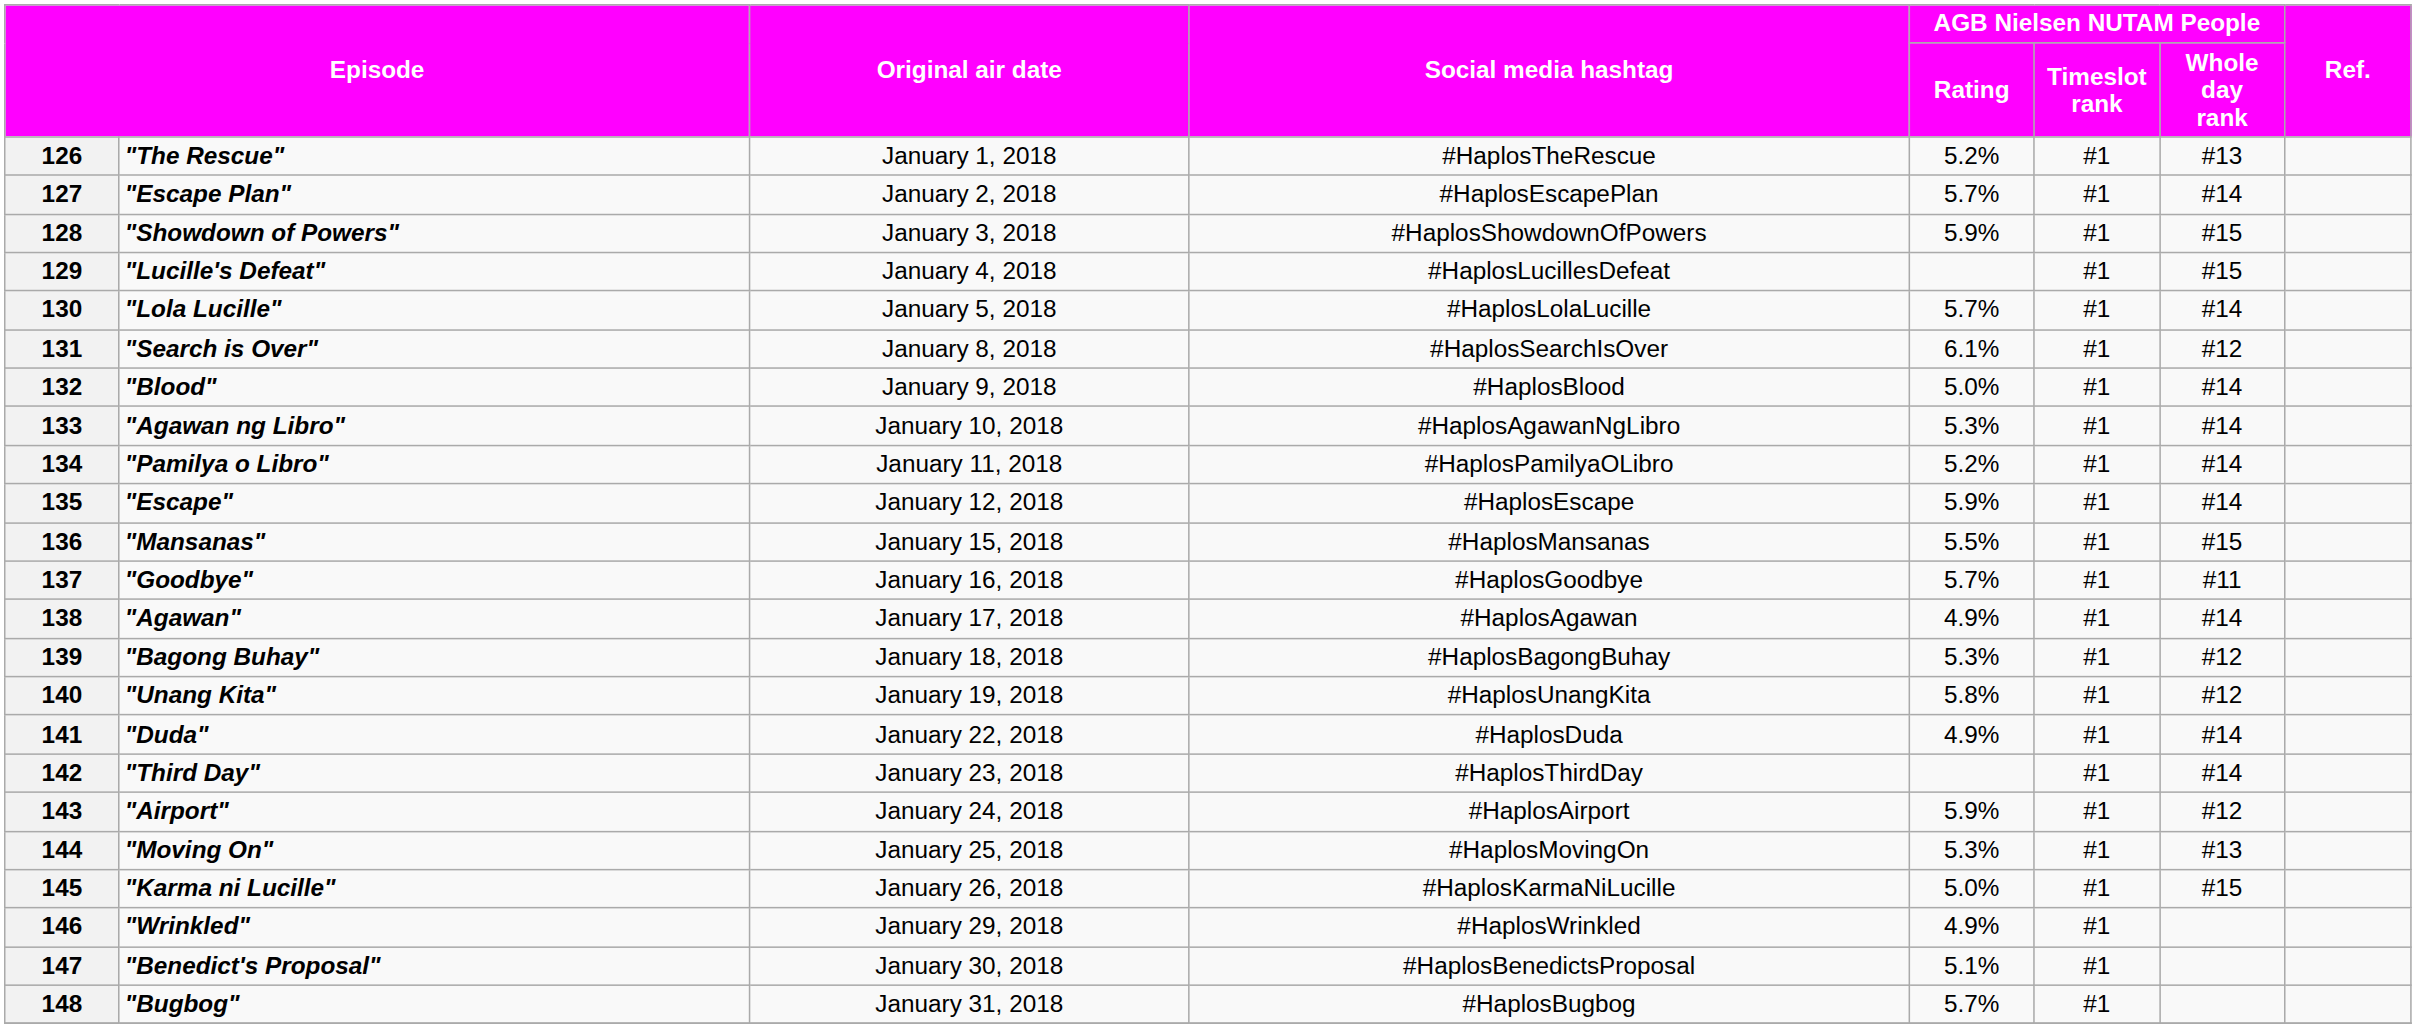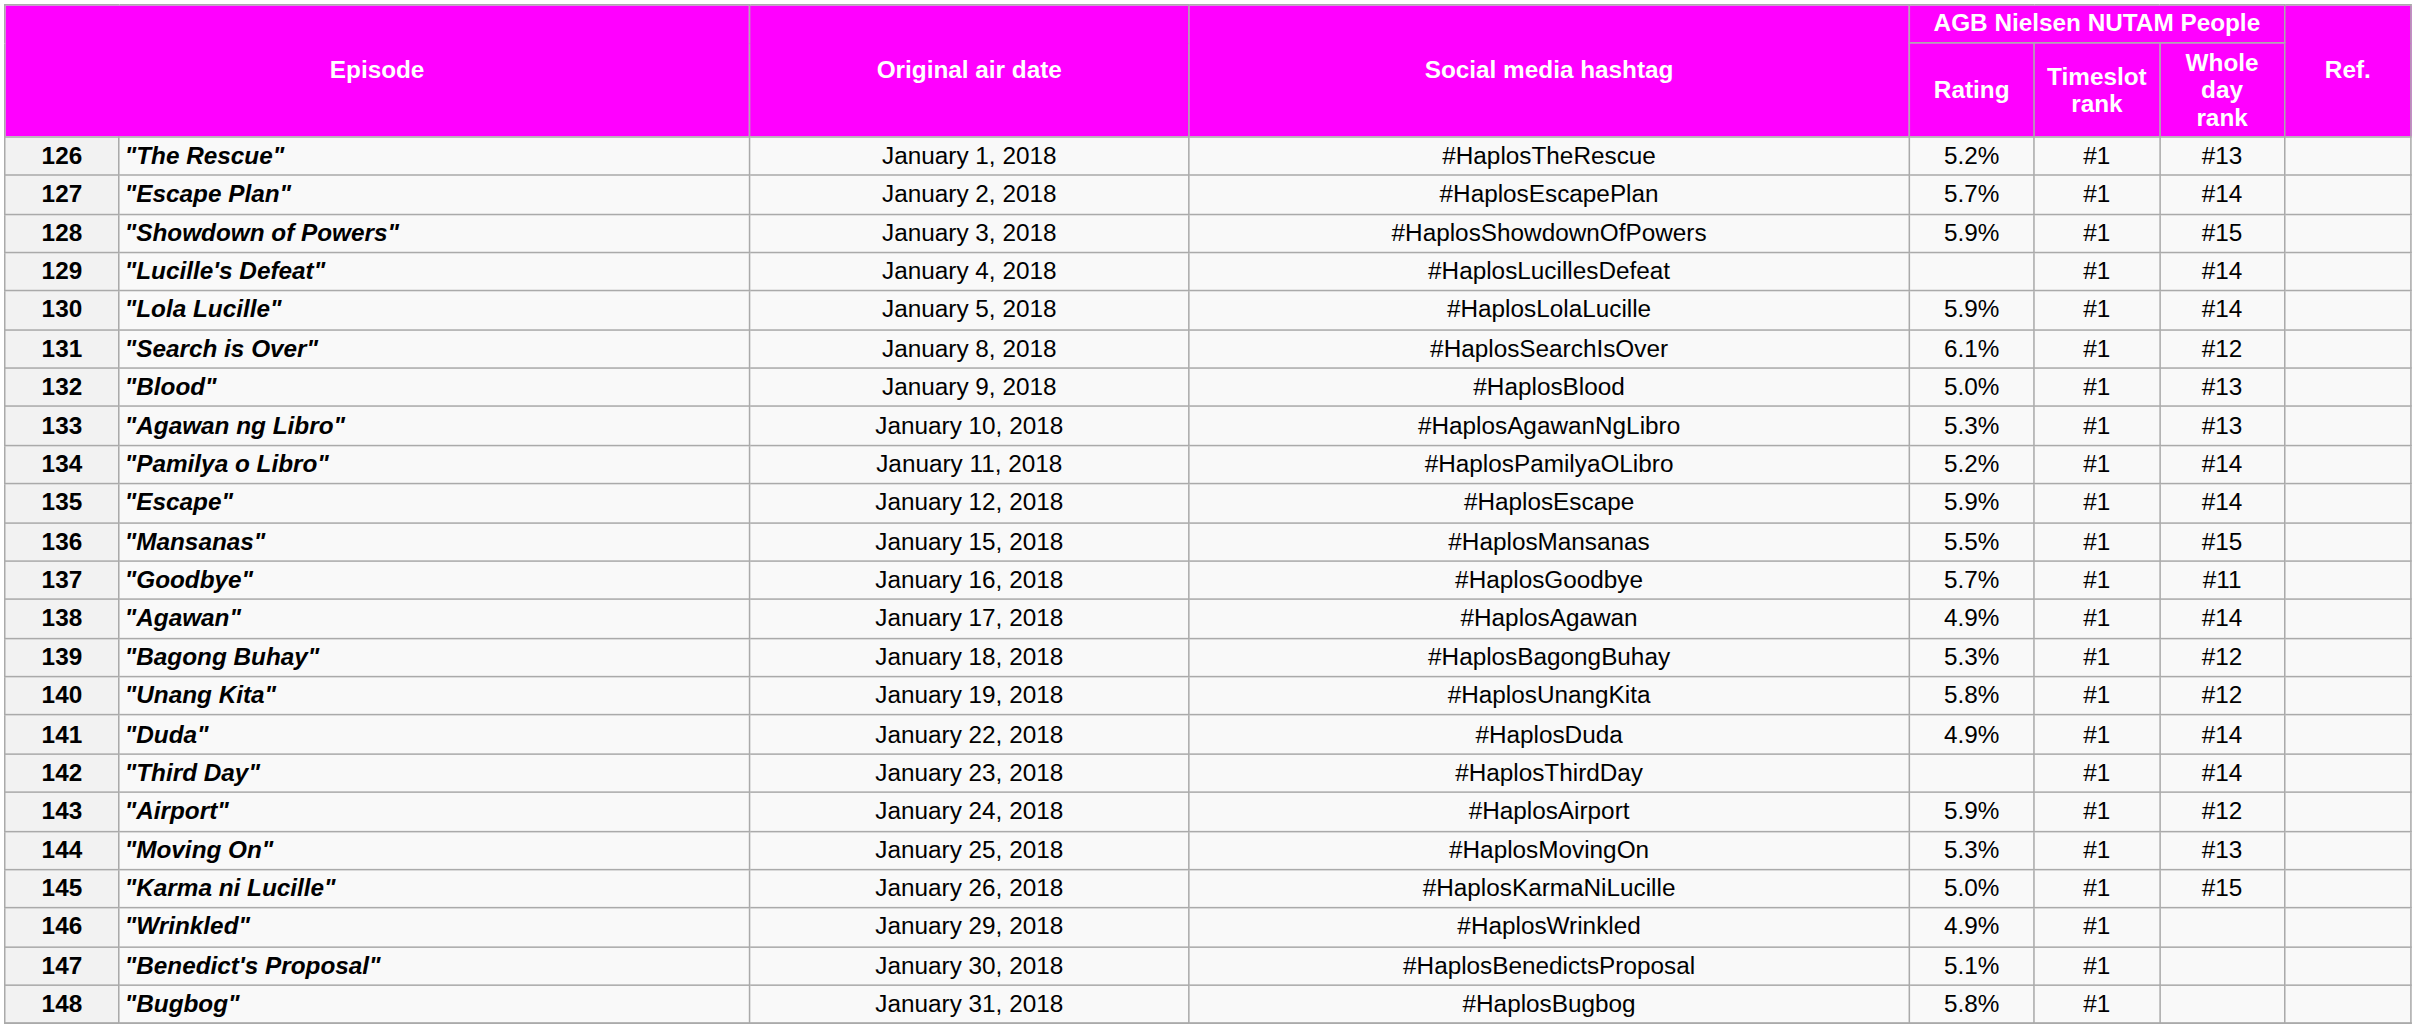 <table class="wikitable" style="text-align:center; font-size:100%; line-height:18px;"  width="100%">
 <tr>
 <th colspan="2" rowspan="2" style="background-color:#FF00FF; color:#ffffff;">Episode</th>
 <th style="background:#FF00FF; color:white" rowspan="2">Original air date</th>
 <th style="background:#FF00FF; color:white" rowspan="2">Social media hashtag</th>
 <th style="background-color:#FF00FF; color:#ffffff;" colspan="3">AGB Nielsen NUTAM People</th>
 <th style="background-color:#FF00FF; color:#ffffff;" rowspan="2">Ref.</th>
 </tr>
 <tr>
 <th style="background-color:#FF00FF; width:75px; color:#ffffff;">Rating</th>
 <th style="background-color:#FF00FF; width:75px; color:#ffffff;">Timeslot<br>rank</th>
 <th style="background-color:#FF00FF; width:75px; color:#ffffff;">Whole day<br>rank</th>
 </tr>
 <tr>
 <th>126</th>
 <td style="text-align: left;"><strong><em>"The Rescue"</em></strong></td>
 <td>January 1, 2018</td>
 <td>#HaplosTheRescue</td>
 <td>5.2%</td>
 <td>#1</td>
 <td>#13</td>
 <td></td>
 </tr>
 <tr>
 <th>127</th>
 <td style="text-align: left;"><strong><em>"Escape Plan"</em></strong></td>
 <td>January 2, 2018</td>
 <td>#HaplosEscapePlan</td>
 <td>5.7%</td>
 <td>#1</td>
 <td>#14</td>
 <td></td>
 </tr>
 <tr>
 <th>128</th>
 <td style="text-align: left;"><strong><em>"Showdown of Powers"</em></strong></td>
 <td>January 3, 2018</td>
 <td>#HaplosShowdownOfPowers</td>
 <td>5.9%</td>
 <td>#1</td>
 <td>#15</td>
 <td></td>
 </tr>
 <tr>
 <th>129</th>
 <td style="text-align: left;"><strong><em>"Lucille's Defeat"</em></strong></td>
 <td>January 4, 2018</td>
 <td>#HaplosLucillesDefeat</td>
 <td></td>
 <td>#1</td>
-<td>#15</td>
+<td>#14</td>
 <td></td>
 </tr>
 <tr>
 <th>130</th>
 <td style="text-align: left;"><strong><em>"Lola Lucille"</em></strong></td>
 <td>January 5, 2018</td>
 <td>#HaplosLolaLucille</td>
-<td>5.7%</td>
+<td>5.9%</td>
 <td>#1</td>
 <td>#14</td>
 <td></td>
 </tr>
 <tr>
 <th>131</th>
 <td style="text-align: left;"><strong><em>"Search is Over"</em></strong></td>
 <td>January 8, 2018</td>
 <td>#HaplosSearchIsOver</td>
 <td>6.1%</td>
 <td>#1</td>
 <td>#12</td>
 <td></td>
 </tr>
 <tr>
 <th>132</th>
 <td style="text-align: left;"><strong><em>"Blood"</em></strong></td>
 <td>January 9, 2018</td>
 <td>#HaplosBlood</td>
 <td>5.0%</td>
 <td>#1</td>
-<td>#14</td>
+<td>#13</td>
 <td></td>
 </tr>
 <tr>
 <th>133</th>
 <td style="text-align: left;"><strong><em>"Agawan ng Libro"</em></strong></td>
 <td>January 10, 2018</td>
 <td>#HaplosAgawanNgLibro</td>
 <td>5.3%</td>
 <td>#1</td>
-<td>#14</td>
+<td>#13</td>
 <td></td>
 </tr>
 <tr>
 <th>134</th>
 <td style="text-align: left;"><strong><em>"Pamilya o Libro"</em></strong></td>
 <td>January 11, 2018</td>
 <td>#HaplosPamilyaOLibro</td>
 <td>5.2%</td>
 <td>#1</td>
 <td>#14</td>
 <td></td>
 </tr>
 <tr>
 <th>135</th>
 <td style="text-align: left;"><strong><em>"Escape"</em></strong></td>
 <td>January 12, 2018</td>
 <td>#HaplosEscape</td>
 <td>5.9%</td>
 <td>#1</td>
 <td>#14</td>
 <td></td>
 </tr>
 <tr>
 <th>136</th>
 <td style="text-align: left;"><strong><em>"Mansanas"</em></strong></td>
 <td>January 15, 2018</td>
 <td>#HaplosMansanas</td>
 <td>5.5%</td>
 <td>#1</td>
 <td>#15</td>
 <td></td>
 </tr>
 <tr>
 <th>137</th>
 <td style="text-align: left;"><strong><em>"Goodbye"</em></strong></td>
 <td>January 16, 2018</td>
 <td>#HaplosGoodbye</td>
 <td>5.7%</td>
 <td>#1</td>
 <td>#11</td>
 <td></td>
 </tr>
 <tr>
 <th>138</th>
 <td style="text-align: left;"><strong><em>"Agawan"</em></strong></td>
 <td>January 17, 2018</td>
 <td>#HaplosAgawan</td>
 <td>4.9%</td>
 <td>#1</td>
 <td>#14</td>
 <td></td>
 </tr>
 <tr>
 <th>139</th>
 <td style="text-align: left;"><strong><em>"Bagong Buhay"</em></strong></td>
 <td>January 18, 2018</td>
 <td>#HaplosBagongBuhay</td>
 <td>5.3%</td>
 <td>#1</td>
 <td>#12</td>
 <td></td>
 </tr>
 <tr>
 <th>140</th>
 <td style="text-align: left;"><strong><em>"Unang Kita"</em></strong></td>
 <td>January 19, 2018</td>
 <td>#HaplosUnangKita</td>
 <td>5.8%</td>
 <td>#1</td>
 <td>#12</td>
 <td></td>
 </tr>
 <tr>
 <th>141</th>
 <td style="text-align: left;"><strong><em>"Duda"</em></strong></td>
 <td>January 22, 2018</td>
 <td>#HaplosDuda</td>
 <td>4.9%</td>
 <td>#1</td>
 <td>#14</td>
 <td></td>
 </tr>
 <tr>
 <th>142</th>
 <td style="text-align: left;"><strong><em>"Third Day"</em></strong></td>
 <td>January 23, 2018</td>
 <td>#HaplosThirdDay</td>
 <td></td>
 <td>#1</td>
 <td>#14</td>
 <td></td>
 </tr>
 <tr>
 <th>143</th>
 <td style="text-align: left;"><strong><em>"Airport"</em></strong></td>
 <td>January 24, 2018</td>
 <td>#HaplosAirport</td>
 <td>5.9%</td>
 <td>#1</td>
 <td>#12</td>
 <td></td>
 </tr>
 <tr>
 <th>144</th>
 <td style="text-align: left;"><strong><em>"Moving On"</em></strong></td>
 <td>January 25, 2018</td>
 <td>#HaplosMovingOn</td>
 <td>5.3%</td>
 <td>#1</td>
 <td>#13</td>
 <td></td>
 </tr>
 <tr>
 <th>145</th>
 <td style="text-align: left;"><strong><em>"Karma ni Lucille"</em></strong></td>
 <td>January 26, 2018</td>
 <td>#HaplosKarmaNiLucille</td>
 <td>5.0%</td>
 <td>#1</td>
 <td>#15</td>
 <td></td>
 </tr>
 <tr>
 <th>146</th>
 <td style="text-align: left;"><strong><em>"Wrinkled"</em></strong></td>
 <td>January 29, 2018</td>
 <td>#HaplosWrinkled</td>
 <td>4.9%</td>
 <td>#1</td>
 <td></td>
 <td></td>
 </tr>
 <tr>
 <th>147</th>
 <td style="text-align: left;"><strong><em>"Benedict's Proposal"</em></strong></td>
 <td>January 30, 2018</td>
 <td>#HaplosBenedictsProposal</td>
 <td>5.1%</td>
 <td>#1</td>
 <td></td>
 <td></td>
 </tr>
 <tr>
 <th>148</th>
 <td style="text-align: left;"><strong><em>"Bugbog"</em></strong></td>
 <td>January 31, 2018</td>
 <td>#HaplosBugbog</td>
-<td>5.7%</td>
+<td>5.8%</td>
 <td>#1</td>
 <td></td>
 <td></td>
 </tr>
 <tr>
 </tr>
 </table>
